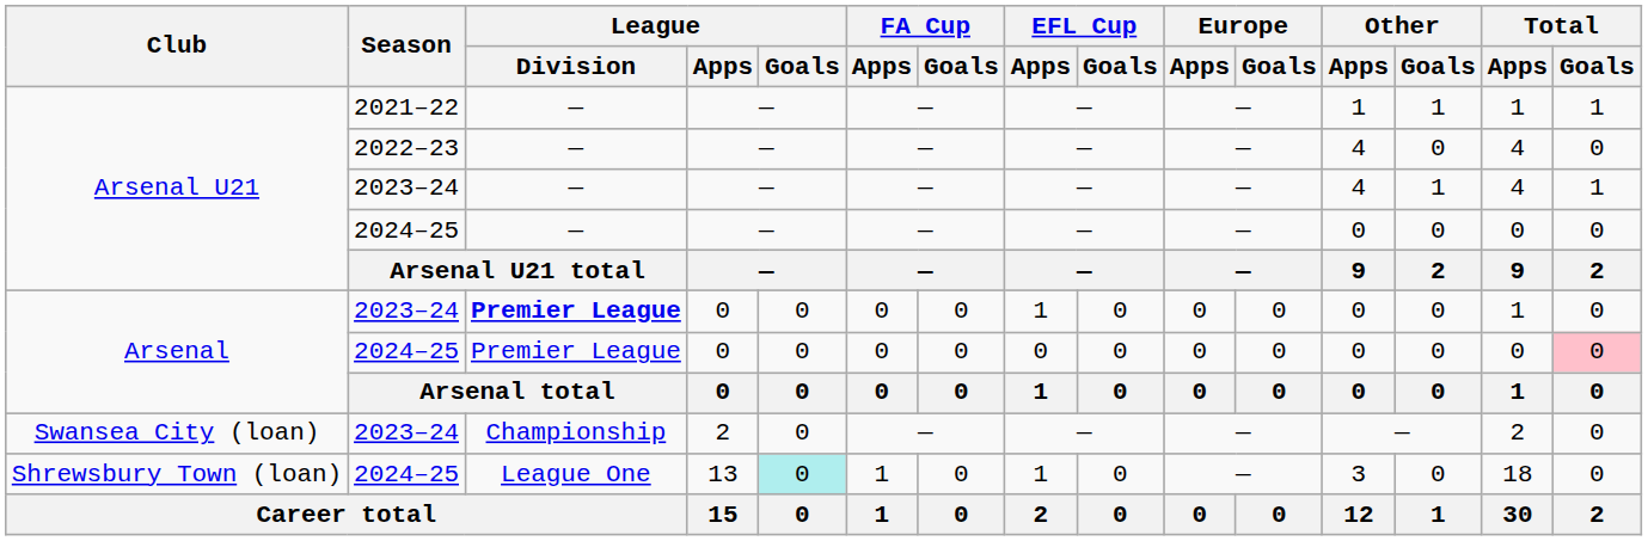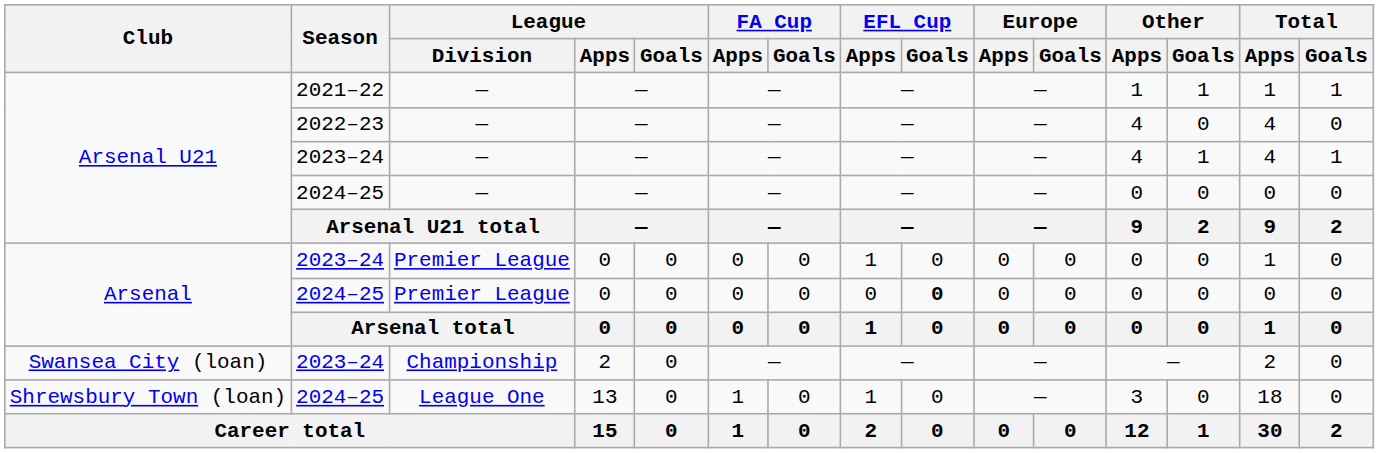 <table class="wikitable" style="text-align: center;">
 <tr>
 <th rowspan="2">Club</th>
 <th rowspan="2">Season</th>
 <th colspan="3">League</th>
 <th colspan="2"><a href='#'>FA Cup</a></th>
 <th colspan="2"><a href='#'>EFL Cup</a></th>
 <th colspan="2">Europe</th>
 <th colspan="2">Other</th>
 <th colspan="2">Total</th>
 </tr>
 <tr>
 <th>Division</th>
 <th>Apps</th>
 <th>Goals</th>
 <th>Apps</th>
 <th>Goals</th>
 <th>Apps</th>
 <th>Goals</th>
 <th>Apps</th>
 <th>Goals</th>
 <th>Apps</th>
 <th>Goals</th>
 <th>Apps</th>
 <th>Goals</th>
 </tr>
 <tr>
 <td rowspan="5"><a href='#'>Arsenal U21</a></td>
 <td>2021–22</td>
 <td>—</td>
 <td colspan="2">—</td>
 <td colspan="2">—</td>
 <td colspan="2">—</td>
 <td colspan="2">—</td>
 <td>1</td>
 <td>1</td>
 <td>1</td>
 <td>1</td>
 </tr>
 <tr>
 <td>2022–23</td>
 <td>—</td>
 <td colspan="2">—</td>
 <td colspan="2">—</td>
 <td colspan="2">—</td>
 <td colspan="2">—</td>
 <td>4</td>
 <td>0</td>
 <td>4</td>
 <td>0</td>
 </tr>
 <tr>
 <td>2023–24</td>
 <td>—</td>
 <td colspan="2">—</td>
 <td colspan="2">—</td>
 <td colspan="2">—</td>
 <td colspan="2">—</td>
 <td>4</td>
 <td>1</td>
 <td>4</td>
 <td>1</td>
 </tr>
 <tr>
 <td>2024–25</td>
 <td>—</td>
 <td colspan="2">—</td>
 <td colspan="2">—</td>
 <td colspan="2">—</td>
 <td colspan="2">—</td>
 <td>0</td>
 <td>0</td>
 <td>0</td>
 <td>0</td>
 </tr>
 <tr>
 <th colspan="2">Arsenal U21 total</th>
 <th colspan="2">—</th>
 <th colspan="2">—</th>
 <th colspan="2">—</th>
 <th colspan="2">—</th>
 <th>9</th>
 <th>2</th>
 <th>9</th>
 <th>2</th>
 </tr>
 <tr>
 <td rowspan="3"><a href='#'>Arsenal</a></td>
 <td><a href='#'>2023–24</a></td>
-<td><strong><a href='#'>Premier League</a></strong></td>
+<td><a href='#'>Premier League</a></td>
 <td>0</td>
 <td>0</td>
 <td>0</td>
 <td>0</td>
 <td>1</td>
 <td>0</td>
 <td>0</td>
 <td>0</td>
 <td>0</td>
 <td>0</td>
 <td>1</td>
 <td>0</td>
 </tr>
 <tr>
 <td><a href='#'>2024–25</a></td>
 <td><a href='#'>Premier League</a></td>
 <td>0</td>
 <td>0</td>
 <td>0</td>
 <td>0</td>
 <td>0</td>
+<td><strong>0</strong></td>
 <td>0</td>
 <td>0</td>
 <td>0</td>
 <td>0</td>
 <td>0</td>
 <td>0</td>
-<td style="background: pink;">0</td>
 </tr>
 <tr>
 <th colspan="2">Arsenal total</th>
 <th>0</th>
 <th>0</th>
 <th>0</th>
 <th>0</th>
 <th>1</th>
 <th>0</th>
 <th>0</th>
 <th>0</th>
 <th>0</th>
 <th>0</th>
 <th>1</th>
 <th>0</th>
 </tr>
 <tr>
 <td><a href='#'>Swansea City</a> (loan)</td>
 <td><a href='#'>2023–24</a></td>
 <td><a href='#'>Championship</a></td>
 <td>2</td>
 <td>0</td>
 <td colspan="2">—</td>
 <td colspan="2">—</td>
 <td colspan="2">—</td>
 <td colspan="2">—</td>
 <td>2</td>
 <td>0</td>
 </tr>
 <tr>
 <td><a href='#'>Shrewsbury Town</a> (loan)</td>
 <td><a href='#'>2024–25</a></td>
 <td><a href='#'>League One</a></td>
 <td>13</td>
-<td style="background: paleturquoise;">0</td>
+<td>0</td>
 <td>1</td>
 <td>0</td>
 <td>1</td>
 <td>0</td>
 <td colspan="2">—</td>
 <td>3</td>
 <td>0</td>
 <td>18</td>
 <td>0</td>
 </tr>
 <tr>
 <th colspan="3">Career total</th>
 <th>15</th>
 <th>0</th>
 <th>1</th>
 <th>0</th>
 <th>2</th>
 <th>0</th>
 <th>0</th>
 <th>0</th>
 <th>12</th>
 <th>1</th>
 <th>30</th>
 <th>2</th>
 </tr>
 </table>
